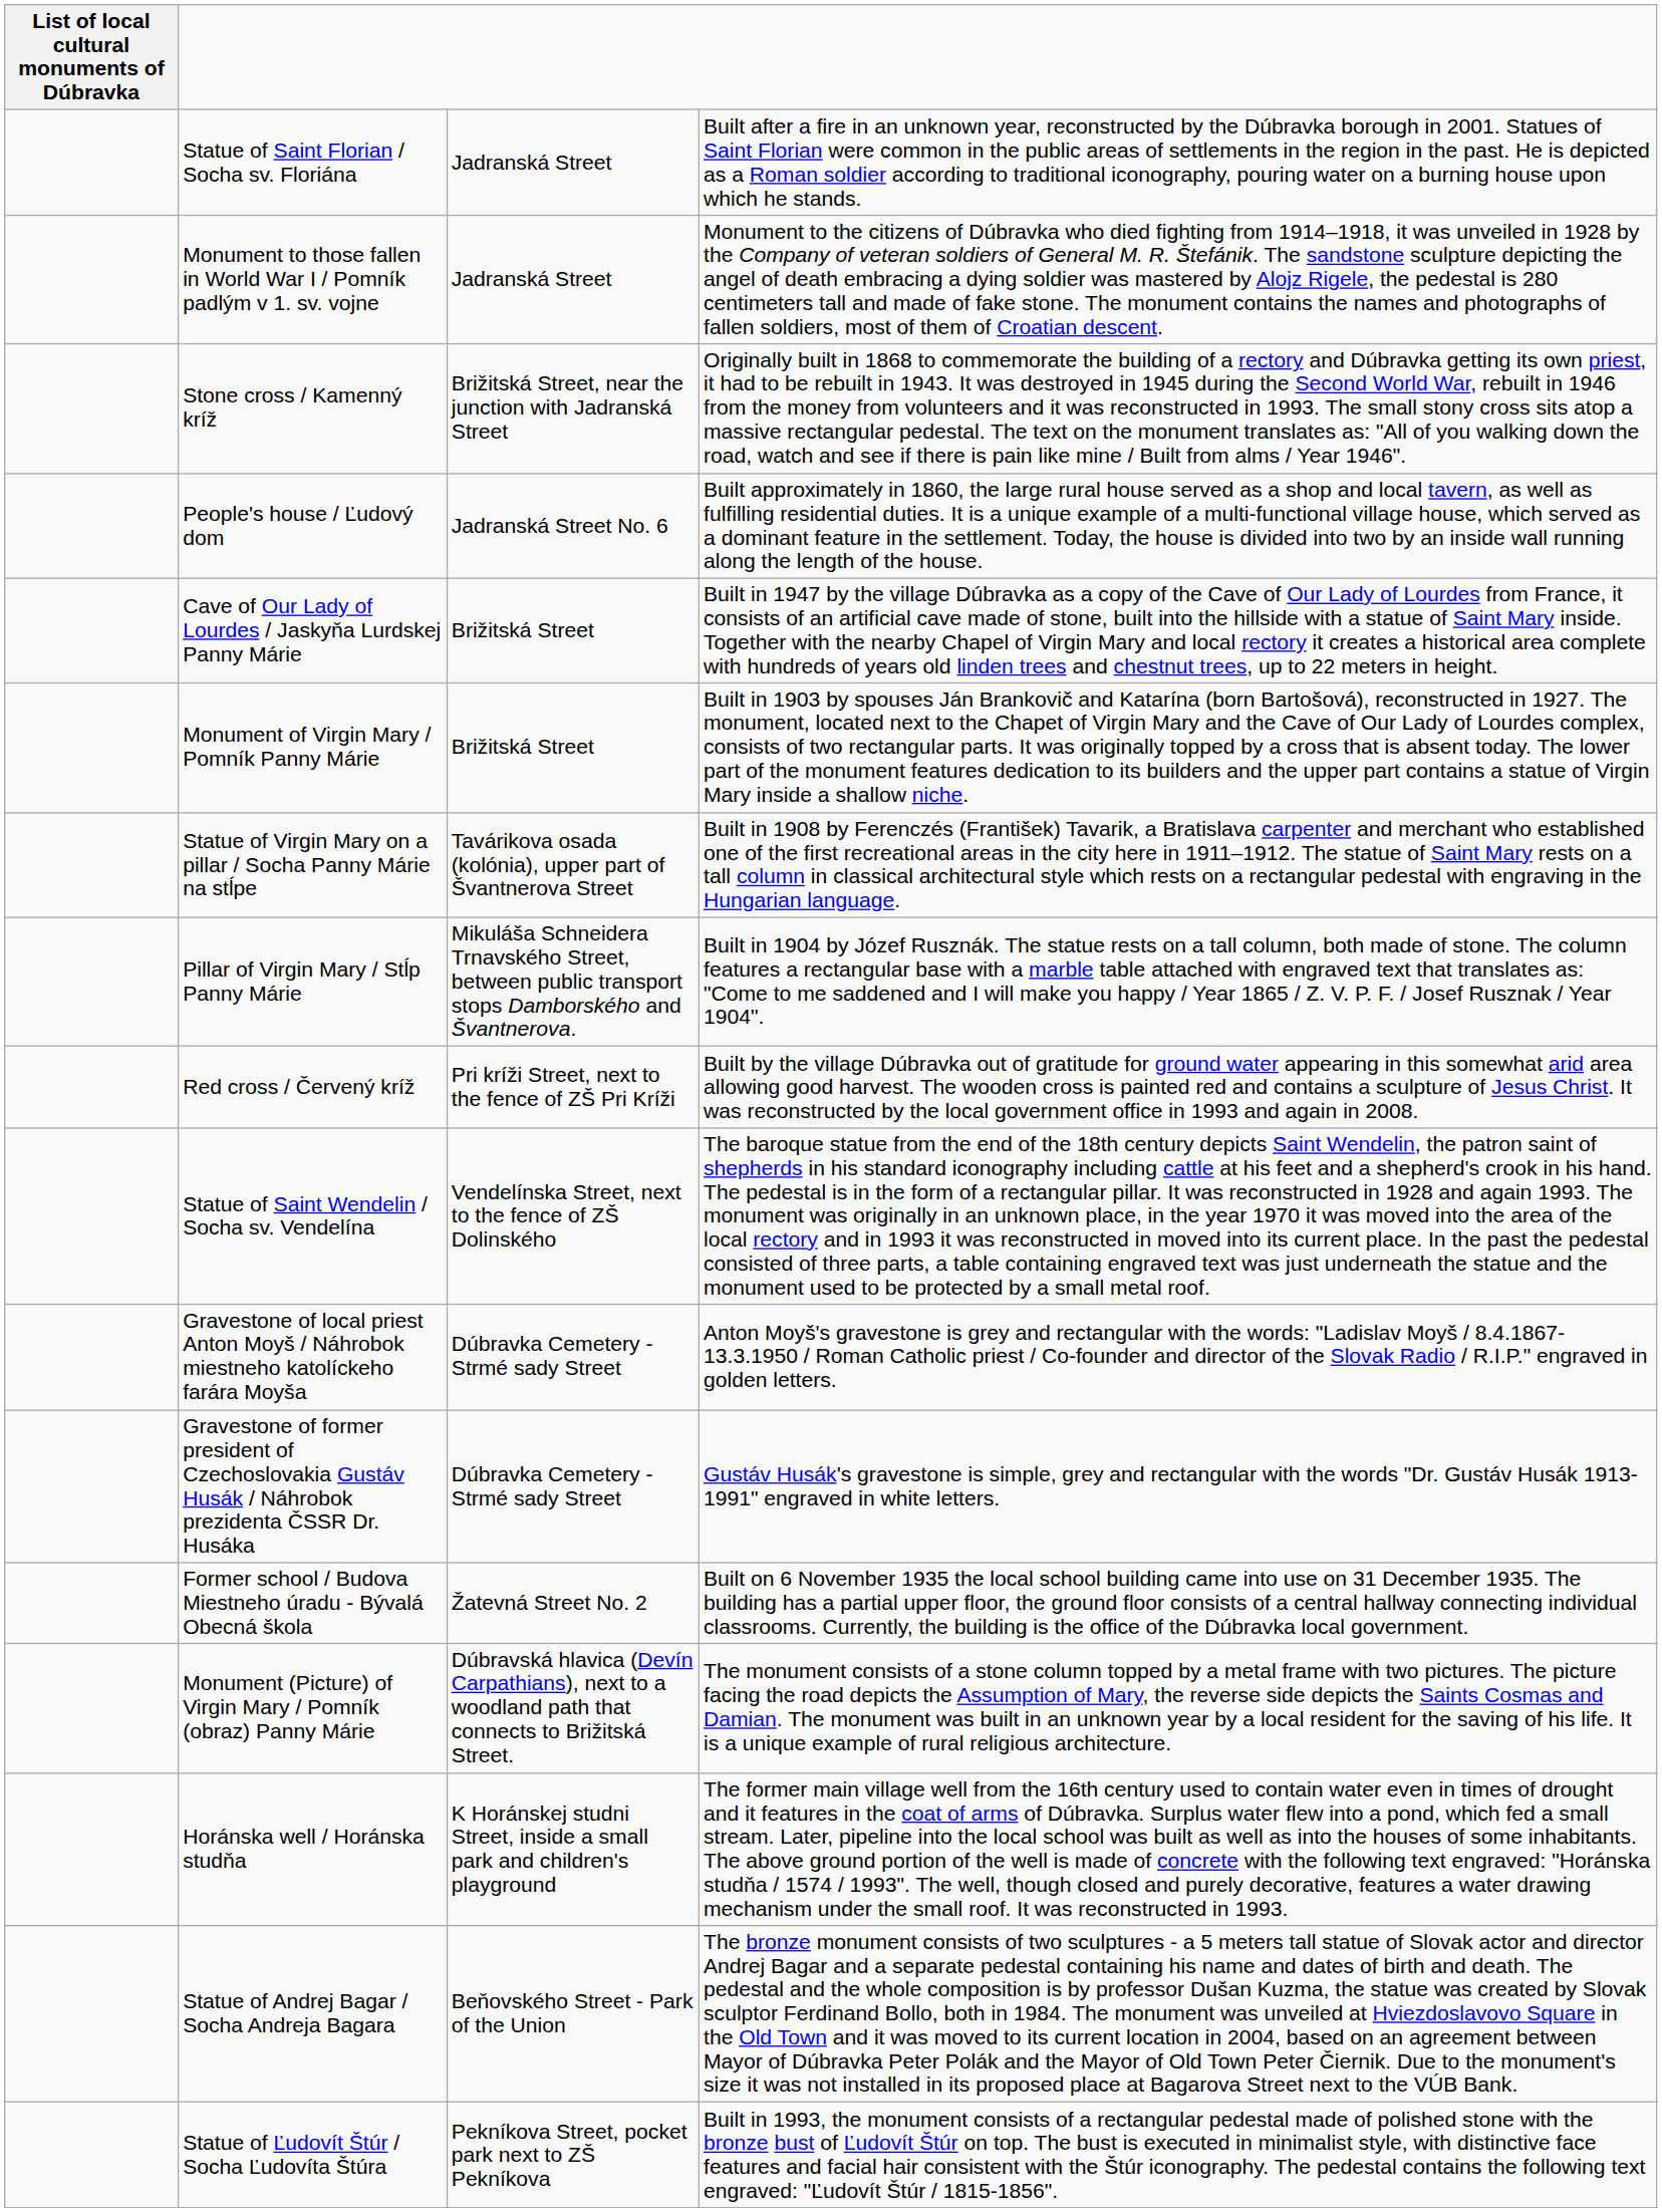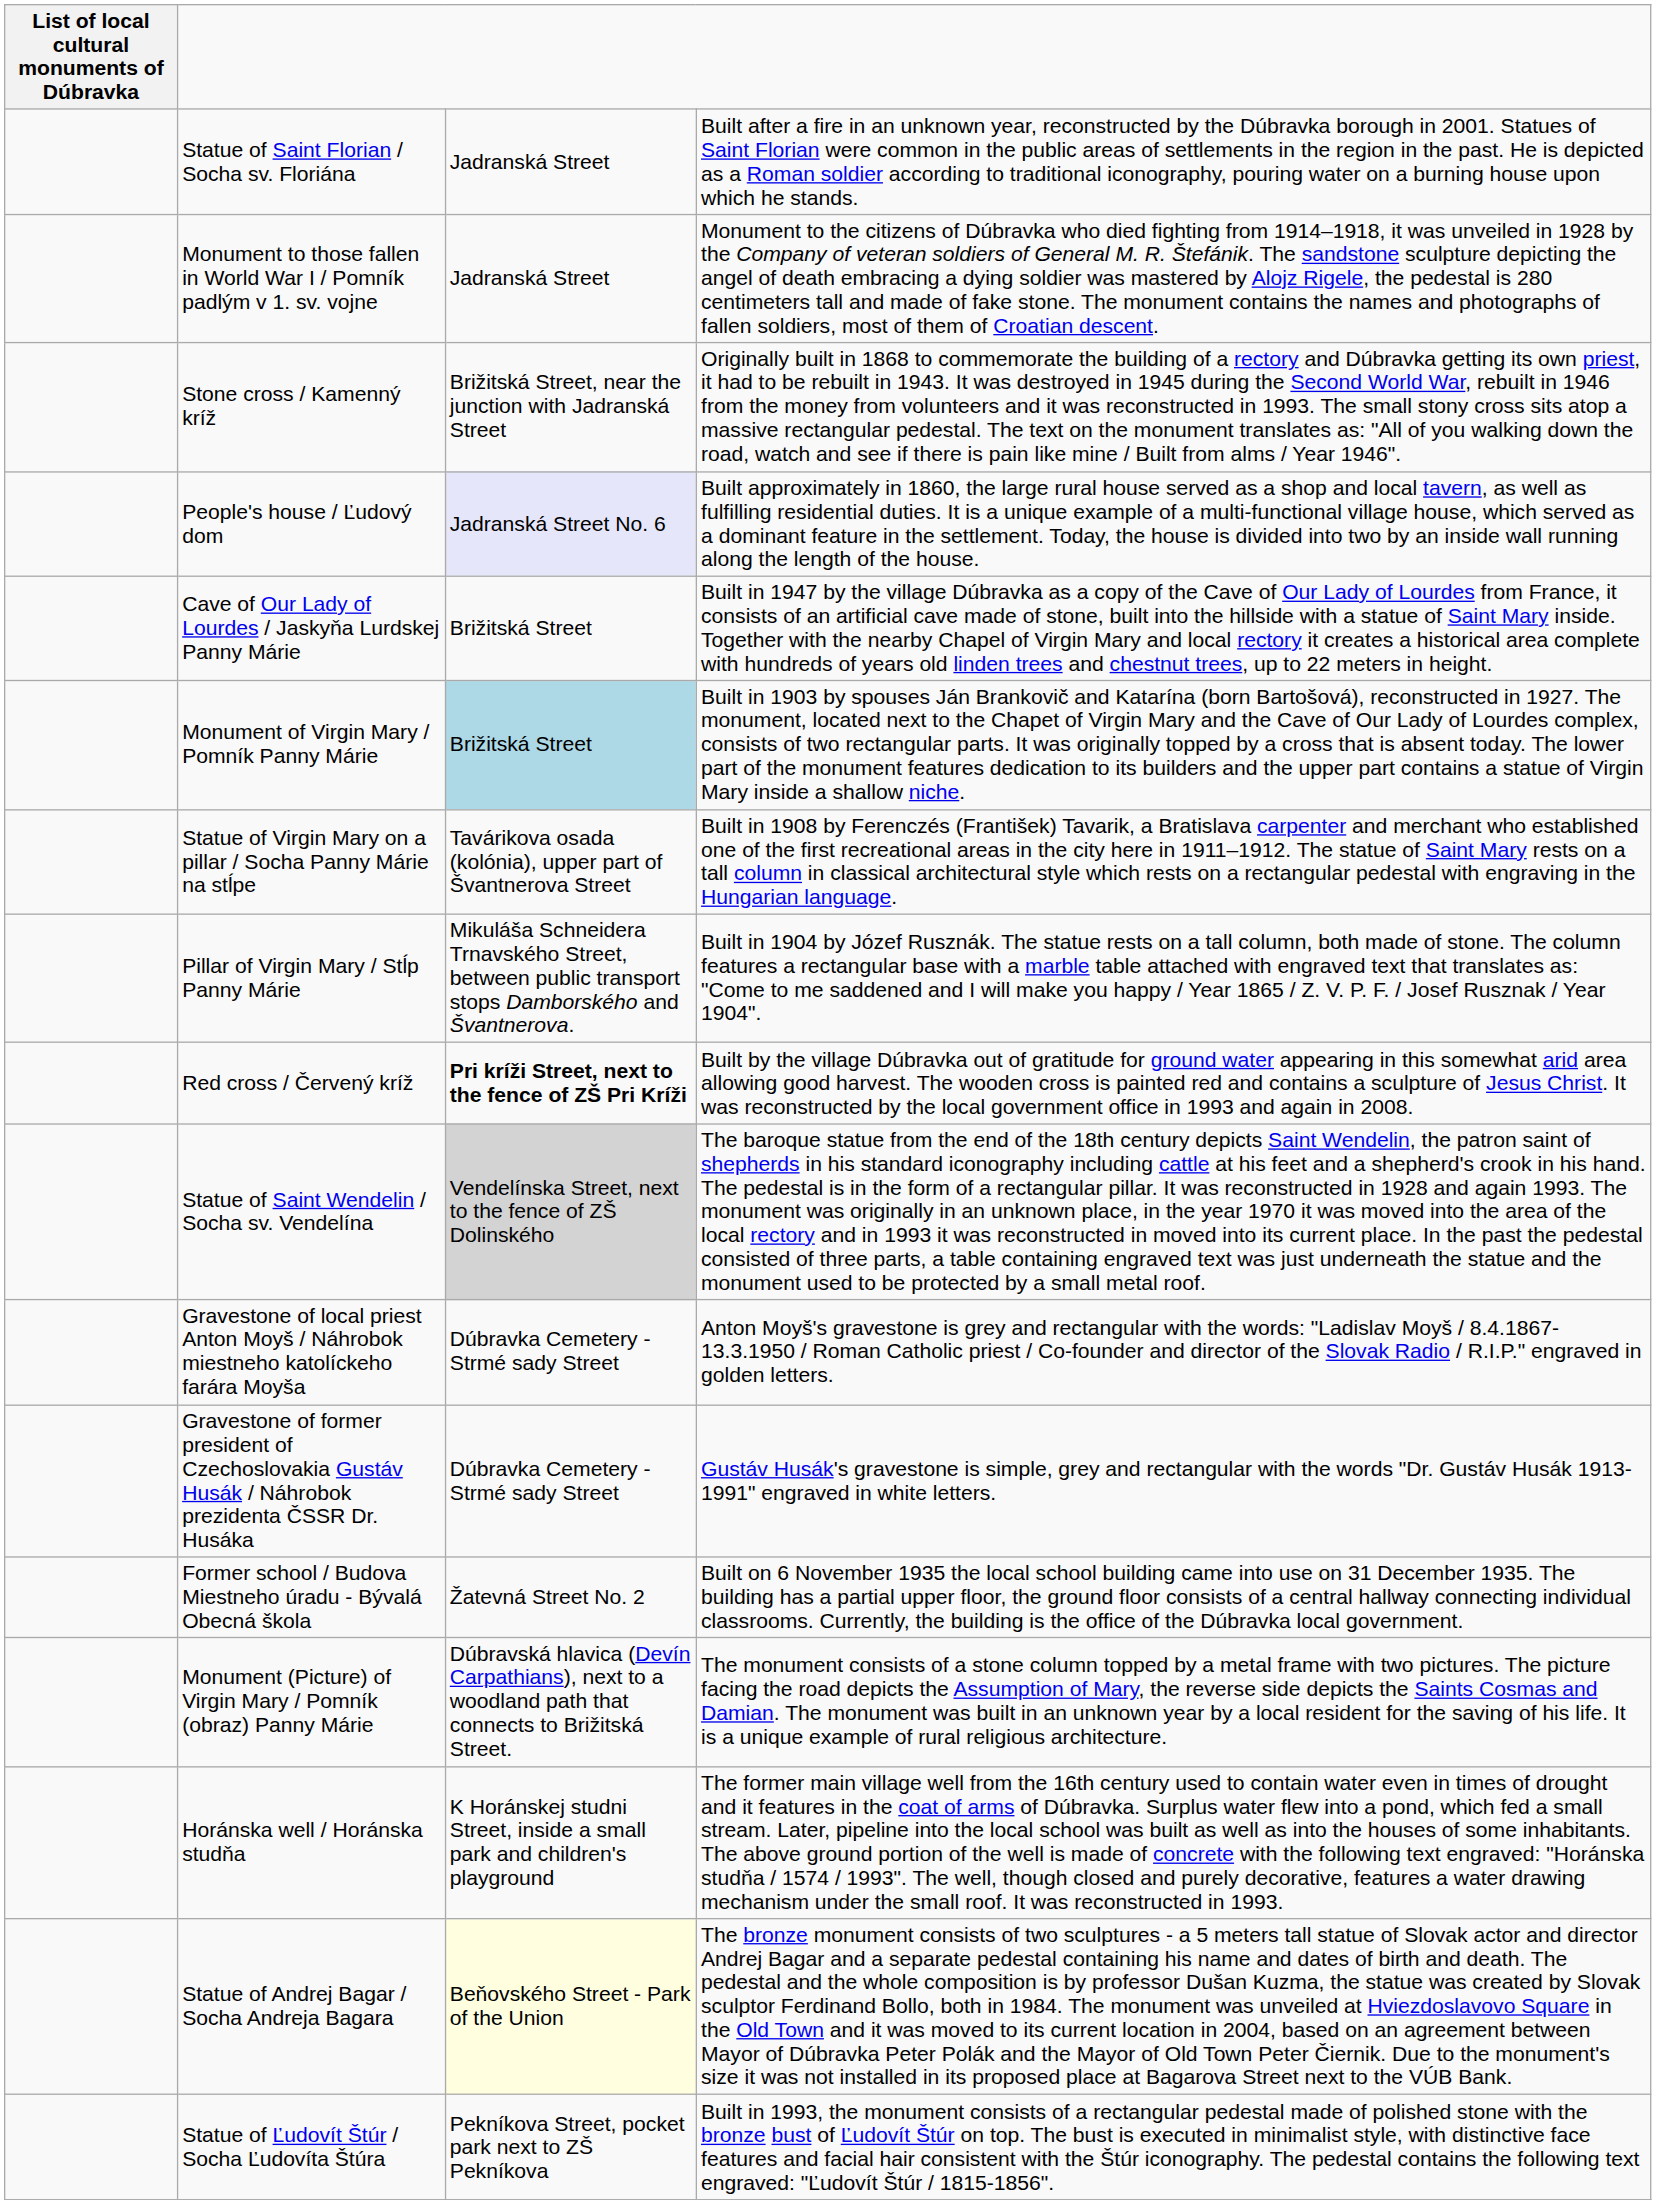 <table class="wikitable collapsible collapsed">
 <tr>
 <th>List of local cultural monuments of Dúbravka</th>
 </tr>
 <tr>
 <td></td>
 <td>Statue of <a href='#'>Saint Florian</a> / Socha sv. Floriána</td>
 <td>Jadranská Street</td>
 <td>Built after a fire in an unknown year, reconstructed by the Dúbravka borough in 2001. Statues of <a href='#'>Saint Florian</a> were common in the public areas of settlements in the region in the past. He is depicted as a <a href='#'>Roman soldier</a> according to traditional iconography, pouring water on a burning house upon which he stands.</td>
 </tr>
 <tr>
 <td></td>
 <td>Monument to those fallen in World War I / Pomník padlým v 1. sv. vojne</td>
 <td>Jadranská Street</td>
 <td>Monument to the citizens of Dúbravka who died fighting from 1914–1918, it was unveiled in 1928 by the <em>Company of veteran soldiers of General M. R. Štefánik</em>. The <a href='#'>sandstone</a> sculpture depicting the angel of death embracing a dying soldier was mastered by <a href='#'>Alojz Rigele</a>, the pedestal is 280 centimeters tall and made of fake stone. The monument contains the names and photographs of fallen soldiers, most of them of <a href='#'>Croatian descent</a>.</td>
 </tr>
 <tr>
 <td></td>
 <td>Stone cross / Kamenný kríž</td>
 <td>Brižitská Street, near the junction with Jadranská Street</td>
 <td>Originally built in 1868 to commemorate the building of a <a href='#'>rectory</a> and Dúbravka getting its own <a href='#'>priest</a>, it had to be rebuilt in 1943. It was destroyed in 1945 during the <a href='#'>Second World War</a>, rebuilt in 1946 from the money from volunteers and it was reconstructed in 1993. The small stony cross sits atop a massive rectangular pedestal. The text on the monument translates as: "All of you walking down the road, watch and see if there is pain like mine / Built from alms / Year 1946".</td>
 </tr>
 <tr>
 <td></td>
 <td>People's house / Ľudový dom</td>
-<td>Jadranská Street No. 6</td>
+<td style="background: lavender;">Jadranská Street No. 6</td>
 <td>Built approximately in 1860, the large rural house served as a shop and local <a href='#'>tavern</a>, as well as fulfilling residential duties. It is a unique example of a multi-functional village house, which served as a dominant feature in the settlement. Today, the house is divided into two by an inside wall running along the length of the house.</td>
 </tr>
 <tr>
 <td></td>
 <td>Cave of <a href='#'>Our Lady of Lourdes</a> / Jaskyňa Lurdskej Panny Márie</td>
 <td>Brižitská Street</td>
 <td>Built in 1947 by the village Dúbravka as a copy of the Cave of <a href='#'>Our Lady of Lourdes</a> from France, it consists of an artificial cave made of stone, built into the hillside with a statue of <a href='#'>Saint Mary</a> inside. Together with the nearby Chapel of Virgin Mary and local <a href='#'>rectory</a> it creates a historical area complete with hundreds of years old <a href='#'>linden trees</a> and <a href='#'>chestnut trees</a>, up to 22 meters in height.</td>
 </tr>
 <tr>
 <td></td>
 <td>Monument of Virgin Mary / Pomník Panny Márie</td>
-<td>Brižitská Street</td>
+<td style="background: lightblue;">Brižitská Street</td>
 <td>Built in 1903 by spouses Ján Brankovič and Katarína (born Bartošová), reconstructed in 1927. The monument, located next to the Chapet of Virgin Mary and the Cave of Our Lady of Lourdes complex, consists of two rectangular parts. It was originally topped by a cross that is absent today. The lower part of the monument features dedication to its builders and the upper part contains a statue of Virgin Mary inside a shallow <a href='#'>niche</a>.</td>
 </tr>
 <tr>
 <td></td>
 <td>Statue of Virgin Mary on a pillar / Socha Panny Márie na stĺpe</td>
 <td>Tavárikova osada (kolónia), upper part of Švantnerova Street</td>
 <td>Built in 1908 by Ferenczés (František) Tavarik, a Bratislava <a href='#'>carpenter</a> and merchant who established one of the first recreational areas in the city here in 1911–1912. The statue of <a href='#'>Saint Mary</a> rests on a tall <a href='#'>column</a> in classical architectural style which rests on a rectangular pedestal with engraving in the <a href='#'>Hungarian language</a>.</td>
 </tr>
 <tr>
 <td></td>
 <td>Pillar of Virgin Mary / Stĺp Panny Márie</td>
 <td>Mikuláša Schneidera Trnavského Street, between public transport stops <em>Damborského</em> and <em>Švantnerova</em>.</td>
 <td>Built in 1904 by Józef Rusznák. The statue rests on a tall column, both made of stone. The column features a rectangular base with a <a href='#'>marble</a> table attached with engraved text that translates as: "Come to me saddened and I will make you happy / Year 1865 / Z. V. P. F. / Josef Rusznak / Year 1904".</td>
 </tr>
 <tr>
 <td></td>
 <td>Red cross / Červený kríž</td>
-<td>Pri kríži Street, next to the fence of ZŠ Pri Kríži</td>
+<td><strong>Pri kríži Street, next to the fence of ZŠ Pri Kríži</strong></td>
 <td>Built by the village Dúbravka out of gratitude for <a href='#'>ground water</a> appearing in this somewhat <a href='#'>arid</a> area allowing good harvest. The wooden cross is painted red and contains a sculpture of <a href='#'>Jesus Christ</a>. It was reconstructed by the local government office in 1993 and again in 2008.</td>
 </tr>
 <tr>
 <td></td>
 <td>Statue of <a href='#'>Saint Wendelin</a> / Socha sv. Vendelína</td>
-<td>Vendelínska Street, next to the fence of ZŠ Dolinského</td>
+<td style="background: lightgrey;">Vendelínska Street, next to the fence of ZŠ Dolinského</td>
 <td>The baroque statue from the end of the 18th century depicts <a href='#'>Saint Wendelin</a>, the patron saint of <a href='#'>shepherds</a> in his standard iconography including <a href='#'>cattle</a> at his feet and a shepherd's crook in his hand. The pedestal is in the form of a rectangular pillar. It was reconstructed in 1928 and again 1993. The monument was originally in an unknown place, in the year 1970 it was moved into the area of the local <a href='#'>rectory</a> and in 1993 it was reconstructed in moved into its current place. In the past the pedestal consisted of three parts, a table containing engraved text was just underneath the statue and the monument used to be protected by a small metal roof.</td>
 </tr>
 <tr>
 <td></td>
 <td>Gravestone of local priest Anton Moyš / Náhrobok miestneho katolíckeho farára Moyša</td>
 <td>Dúbravka Cemetery - Strmé sady Street</td>
 <td>Anton Moyš's gravestone is grey and rectangular with the words: "Ladislav Moyš / 8.4.1867-13.3.1950 / Roman Catholic priest / Co-founder and director of the <a href='#'>Slovak Radio</a> / R.I.P." engraved in golden letters.</td>
 </tr>
 <tr>
 <td></td>
 <td>Gravestone of former president of Czechoslovakia <a href='#'>Gustáv Husák</a> / Náhrobok prezidenta ČSSR Dr. Husáka</td>
 <td>Dúbravka Cemetery - Strmé sady Street</td>
 <td><a href='#'>Gustáv Husák</a>'s gravestone is simple, grey and rectangular with the words "Dr. Gustáv Husák 1913-1991" engraved in white letters.</td>
 </tr>
 <tr>
 <td></td>
 <td>Former school / Budova Miestneho úradu - Bývalá Obecná škola</td>
 <td>Žatevná Street No. 2</td>
 <td>Built on 6 November 1935 the local school building came into use on 31 December 1935. The building has a partial upper floor, the ground floor consists of a central hallway connecting individual classrooms. Currently, the building is the office of the Dúbravka local government.</td>
 </tr>
 <tr>
 <td></td>
 <td>Monument (Picture) of Virgin Mary / Pomník (obraz) Panny Márie</td>
 <td>Dúbravská hlavica (<a href='#'>Devín Carpathians</a>), next to a woodland path that connects to Brižitská Street.</td>
 <td>The monument consists of a stone column topped by a metal frame with two pictures. The picture facing the road depicts the <a href='#'>Assumption of Mary</a>, the reverse side depicts the <a href='#'>Saints Cosmas and Damian</a>. The monument was built in an unknown year by a local resident for the saving of his life. It is a unique example of rural religious architecture.</td>
 </tr>
 <tr>
 <td></td>
 <td>Horánska well / Horánska studňa</td>
 <td>K Horánskej studni Street, inside a small park and children's playground</td>
 <td>The former main village well from the 16th century used to contain water even in times of drought and it features in the <a href='#'>coat of arms</a> of Dúbravka. Surplus water flew into a pond, which fed a small stream. Later, pipeline into the local school was built as well as into the houses of some inhabitants. The above ground portion of the well is made of <a href='#'>concrete</a> with the following text engraved: "Horánska studňa / 1574 / 1993". The well, though closed and purely decorative, features a water drawing mechanism under the small roof. It was reconstructed in 1993.</td>
 </tr>
 <tr>
 <td></td>
 <td>Statue of Andrej Bagar / Socha Andreja Bagara</td>
-<td>Beňovského Street - Park of the Union</td>
+<td style="background: lightyellow;">Beňovského Street - Park of the Union</td>
 <td>The <a href='#'>bronze</a> monument consists of two sculptures - a 5 meters tall statue of Slovak actor and director Andrej Bagar and a separate pedestal containing his name and dates of birth and death. The pedestal and the whole composition is by professor Dušan Kuzma, the statue was created by Slovak sculptor Ferdinand Bollo, both in 1984. The monument was unveiled at <a href='#'>Hviezdoslavovo Square</a> in the <a href='#'>Old Town</a> and it was moved to its current location in 2004, based on an agreement between Mayor of Dúbravka Peter Polák and the Mayor of Old Town Peter Čiernik. Due to the monument's size it was not installed in its proposed place at Bagarova Street next to the VÚB Bank.</td>
 </tr>
 <tr>
 <td></td>
 <td>Statue of <a href='#'>Ľudovít Štúr</a> / Socha Ľudovíta Štúra</td>
 <td>Pekníkova Street, pocket park next to ZŠ Pekníkova</td>
 <td>Built in 1993, the monument consists of a rectangular pedestal made of polished stone with the <a href='#'>bronze</a> <a href='#'>bust</a> of <a href='#'>Ľudovít Štúr</a> on top. The bust is executed in minimalist style, with distinctive face features and facial hair consistent with the Štúr iconography. The pedestal contains the following text engraved: "Ľudovít Štúr / 1815-1856".</td>
 </tr>
 <tr>
 </tr>
 </table>
